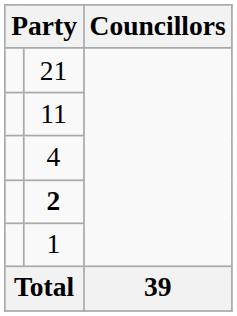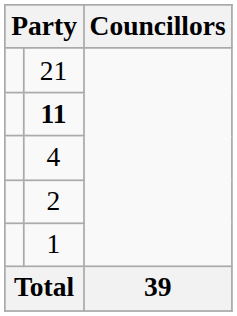 <table class="wikitable">
 <tr>
 <th colspan=2>Party</th>
 <th>Councillors</th>
 </tr>
 <tr>
 <td></td>
 <td align=center>21</td>
 </tr>
 <tr>
 <td></td>
-<td align=center>11</td>
+<td align=center><strong>11</strong></td>
 </tr>
 <tr>
 <td></td>
 <td align=center>4</td>
 </tr>
 <tr>
 <td></td>
-<td align=center><strong>2</strong></td>
+<td align=center>2</td>
 </tr>
 <tr>
 <td></td>
 <td align=center>1</td>
 </tr>
 <tr>
 <th colspan=2>Total</th>
 <th align=center>39</th>
 </tr>
 </table>
